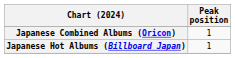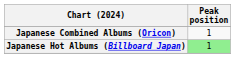 <table class="wikitable sortable plainrowheaders" style="text-align:center">
 <tr>
 <th scope="col">Chart (2024)</th>
 <th scope="col">Peak<br>position</th>
 </tr>
 <tr>
 </tr>
 <tr>
 <th scope="row">Japanese Combined Albums (<a href='#'>Oricon</a>)</th>
 <td>1</td>
 </tr>
 <tr>
 <th scope="row">Japanese Hot Albums (<em><a href='#'>Billboard Japan</a></em>)</th>
-<td>1</td>
+<td style="background: lightgreen;">1</td>
 </tr>
 <tr>
 </tr>
 </table>
